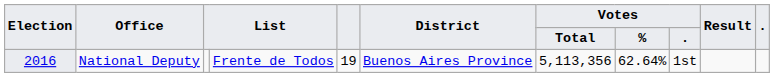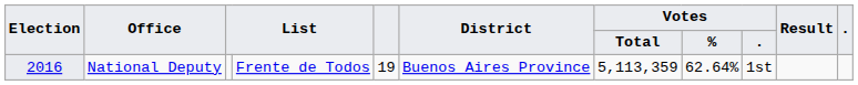 <table class="wikitable" style="font-size:90%; text-align:center;">
 <tr>
 <th style="background-color:#EAECF0;" rowspan=2>Election</th>
 <th style="background-color:#EAECF0;" rowspan=2>Office</th>
 <th style="background-color:#EAECF0;" colspan=2 rowspan=2>List</th>
 <th style="background-color:#EAECF0;" rowspan=2></th>
 <th style="background-color:#EAECF0;" rowspan=2>District</th>
 <th style="background-color:#EAECF0;" colspan=3>Votes</th>
 <th style="background-color:#EAECF0;" rowspan=2>Result</th>
 <th style="background-color:#EAECF0;" rowspan=2>.</th>
 </tr>
 <tr>
 <th style="background-color:#EAECF0;">Total</th>
 <th style="background-color:#EAECF0;">%</th>
 <th style="background-color:#EAECF0;">.</th>
 </tr>
 <tr>
 <td style="background-color:#EAECF0;"><a href='#'>2016</a></td>
 <td><a href='#'>National Deputy</a></td>
 <td style="background-color:"></td>
 <td><a href='#'>Frente de Todos</a></td>
 <td>19</td>
 <td><a href='#'>Buenos Aires Province</a></td>
-<td>5,113,356</td>
+<td>5,113,359</td>
 <td>62.64%</td>
 <td>1st</td>
 <td></td>
 <td></td>
 </tr>
 </table>
